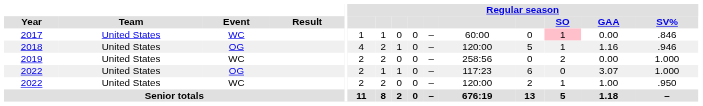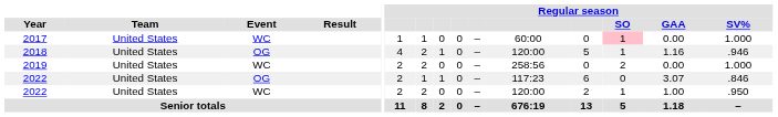 <table border="0" cellpadding="1" cellspacing="0" style="width:90%; text-align:center;">
 <tr bgcolor="#e0e0e0">
 <th colspan="4" bgcolor="#ffffff"></th>
 <th rowspan="99" bgcolor="#ffffff"></th>
 <th colspan="10" bgcolor="#e0e0e0"><a href='#'>Regular season</a></th>
 </tr>
 <tr bgcolor="#e0e0e0">
 <th>Year</th>
 <th>Team</th>
 <th>Event</th>
 <th>Result</th>
 <th></th>
 <th></th>
 <th></th>
 <th></th>
 <th></th>
 <th></th>
 <th></th>
 <th><a href='#'>SO</a></th>
 <th><a href='#'>GAA</a></th>
 <th><a href='#'>SV%</a></th>
 </tr>
 <tr>
 <td><a href='#'>2017</a></td>
 <td><a href='#'>United States</a></td>
 <td><a href='#'>WC</a></td>
 <td></td>
 <td>1</td>
 <td>1</td>
 <td>0</td>
 <td>0</td>
 <td>–</td>
 <td>60:00</td>
 <td>0</td>
 <td style="background: pink;">1</td>
 <td>0.00</td>
-<td>.846</td>
+<td>1.000</td>
 </tr>
 <tr style="background-color: #f0f0f0;">
 <td><a href='#'>2018</a></td>
 <td>United States</td>
 <td><a href='#'>OG</a></td>
 <td></td>
 <td>4</td>
 <td>2</td>
 <td>1</td>
 <td>0</td>
 <td>–</td>
 <td>120:00</td>
 <td>5</td>
 <td>1</td>
 <td>1.16</td>
 <td>.946</td>
 </tr>
 <tr>
 <td><a href='#'>2019</a></td>
 <td>United States</td>
 <td>WC</td>
 <td></td>
 <td>2</td>
 <td>2</td>
 <td>0</td>
 <td>0</td>
 <td>–</td>
 <td>258:56</td>
 <td>0</td>
 <td>2</td>
 <td>0.00</td>
 <td>1.000</td>
 </tr>
 <tr style="background-color: #f0f0f0;">
 <td><a href='#'>2022</a></td>
 <td>United States</td>
 <td><a href='#'>OG</a></td>
 <td></td>
 <td>2</td>
 <td>1</td>
 <td>1</td>
 <td>0</td>
 <td>–</td>
 <td>117:23</td>
 <td>6</td>
 <td>0</td>
 <td>3.07</td>
-<td>1.000</td>
+<td>.846</td>
 </tr>
 <tr>
 <td><a href='#'>2022</a></td>
 <td>United States</td>
 <td>WC</td>
 <td></td>
 <td>2</td>
 <td>2</td>
 <td>0</td>
 <td>0</td>
 <td>–</td>
 <td>120:00</td>
 <td>2</td>
 <td>1</td>
 <td>1.00</td>
 <td>.950</td>
 </tr>
 <tr style="background-color: #e0e0e0;">
 <th colspan="4">Senior totals</th>
 <th>11</th>
 <th>8</th>
 <th>2</th>
 <th>0</th>
 <th>–</th>
 <th>676:19</th>
 <th>13</th>
 <th>5</th>
 <th>1.18</th>
 <th>–</th>
 </tr>
 </table>
